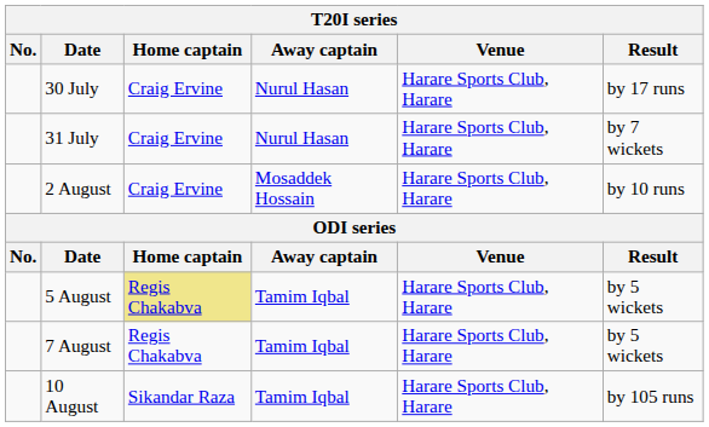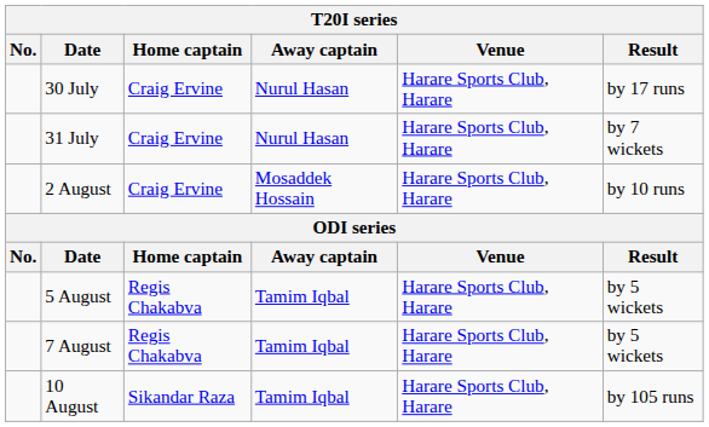 <table class="wikitable">
 <tr>
 <th colspan="9">T20I series</th>
 </tr>
 <tr>
 <th>No.</th>
 <th>Date</th>
 <th>Home captain</th>
 <th>Away captain</th>
 <th>Venue</th>
 <th>Result</th>
 </tr>
 <tr>
 <td></td>
 <td>30 July</td>
 <td><a href='#'>Craig Ervine</a></td>
 <td><a href='#'>Nurul Hasan</a></td>
 <td><a href='#'>Harare Sports Club</a>, <a href='#'>Harare</a></td>
 <td> by 17 runs</td>
 </tr>
 <tr>
 <td></td>
 <td>31 July</td>
 <td><a href='#'>Craig Ervine</a></td>
 <td><a href='#'>Nurul Hasan</a></td>
 <td><a href='#'>Harare Sports Club</a>, <a href='#'>Harare</a></td>
 <td> by 7 wickets</td>
 </tr>
 <tr>
 <td></td>
 <td>2 August</td>
 <td><a href='#'>Craig Ervine</a></td>
 <td><a href='#'>Mosaddek Hossain</a></td>
 <td><a href='#'>Harare Sports Club</a>, <a href='#'>Harare</a></td>
 <td> by 10 runs</td>
 </tr>
 <tr>
 <th colspan="9">ODI series</th>
 </tr>
 <tr>
 <th>No.</th>
 <th>Date</th>
 <th>Home captain</th>
 <th>Away captain</th>
 <th>Venue</th>
 <th>Result</th>
 </tr>
 <tr>
 <td></td>
 <td>5 August</td>
-<td style="background: khaki;"><a href='#'>Regis Chakabva</a></td>
+<td><a href='#'>Regis Chakabva</a></td>
 <td><a href='#'>Tamim Iqbal</a></td>
 <td><a href='#'>Harare Sports Club</a>, <a href='#'>Harare</a></td>
 <td> by 5 wickets</td>
 </tr>
 <tr>
 <td></td>
 <td>7 August</td>
 <td><a href='#'>Regis Chakabva</a></td>
 <td><a href='#'>Tamim Iqbal</a></td>
 <td><a href='#'>Harare Sports Club</a>, <a href='#'>Harare</a></td>
 <td> by 5 wickets</td>
 </tr>
 <tr>
 <td></td>
 <td>10 August</td>
 <td><a href='#'>Sikandar Raza</a></td>
 <td><a href='#'>Tamim Iqbal</a></td>
 <td><a href='#'>Harare Sports Club</a>, <a href='#'>Harare</a></td>
 <td> by 105 runs</td>
 </tr>
 </table>
